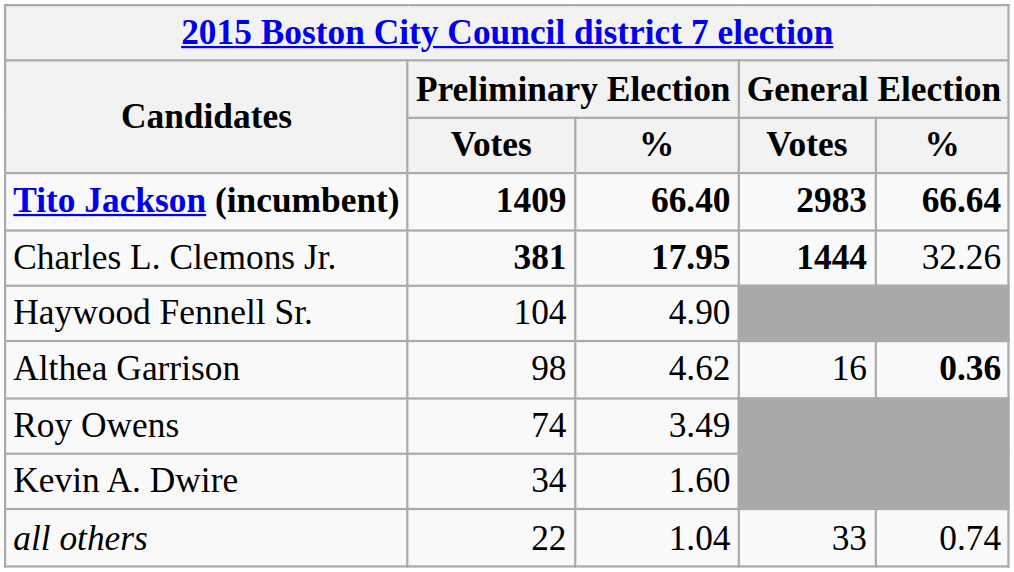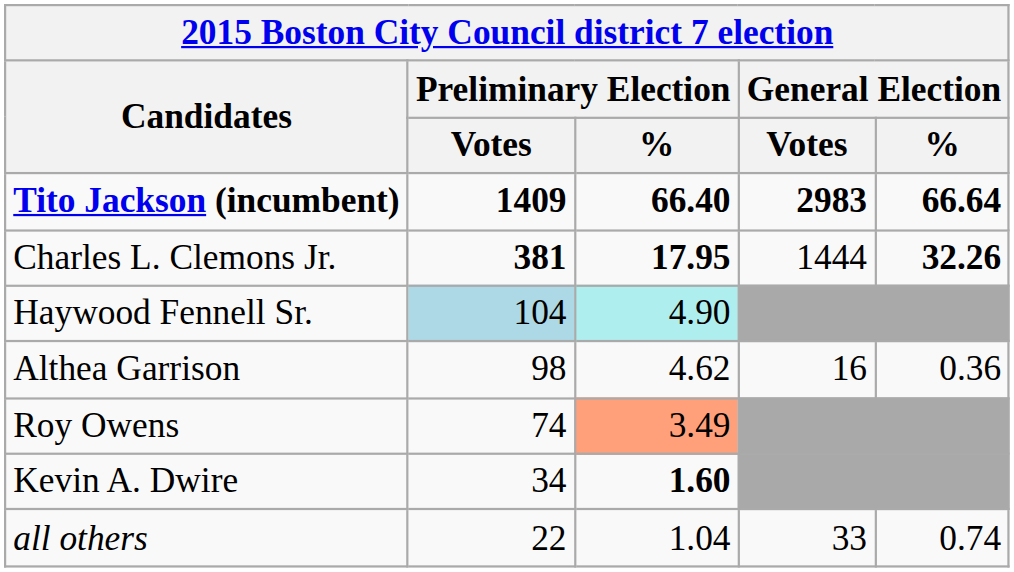 <table class=wikitable>
 <tr>
 <th colspan=5><a href='#'>2015 Boston City Council district 7 election</a></th>
 </tr>
 <tr>
 <th rowspan="2"><strong>Candidates</strong></th>
 <th colspan=2><strong>Preliminary Election</strong></th>
 <th colspan=2><strong>General Election</strong></th>
 </tr>
 <tr>
 <th>Votes</th>
 <th>%</th>
 <th>Votes</th>
 <th>%</th>
 </tr>
 <tr>
 <td><strong><a href='#'>Tito Jackson</a> (incumbent)</strong></td>
 <td style="text-align:right;"><strong>1409</strong></td>
 <td style="text-align:right;"><strong>66.40</strong></td>
 <td style="text-align:right;"><strong>2983</strong></td>
 <td style="text-align:right;"><strong>66.64</strong></td>
 </tr>
 <tr>
 <td>Charles L. Clemons Jr.</td>
 <td style="text-align:right;"><strong>381</strong></td>
 <td style="text-align:right;"><strong>17.95</strong></td>
-<td style="text-align:right;"><strong>1444</strong></td>
-<td style="text-align:right;">32.26</td>
+<td style="text-align:right;">1444</td>
+<td style="text-align:right;"><strong>32.26</strong></td>
 </tr>
 <tr>
 <td>Haywood Fennell Sr.</td>
-<td style="text-align:right;">104</td>
-<td style="text-align:right;">4.90</td>
+<td style="background: lightblue; text-align:right;">104</td>
+<td style="background: paleturquoise; text-align:right;">4.90</td>
 <td colspan="2" style="background:darkgrey;"> </td>
 </tr>
 <tr>
 <td>Althea Garrison</td>
 <td style="text-align:right;">98</td>
 <td style="text-align:right;">4.62</td>
 <td style="text-align:right;">16</td>
-<td style="text-align:right;"><strong>0.36</strong></td>
+<td style="text-align:right;">0.36</td>
 </tr>
 <tr>
 <td>Roy Owens</td>
 <td style="text-align:right;">74</td>
-<td style="text-align:right;">3.49</td>
+<td style="background: lightsalmon; text-align:right;">3.49</td>
 <td colspan="2" style="background:darkgrey;"> </td>
 </tr>
 <tr>
 <td>Kevin A. Dwire</td>
 <td style="text-align:right;">34</td>
-<td style="text-align:right;">1.60</td>
+<td style="text-align:right;"><strong>1.60</strong></td>
 <td colspan="2" style="background:darkgrey;"> </td>
 </tr>
 <tr>
 <td><em>all others</em></td>
 <td style="text-align:right;">22</td>
 <td style="text-align:right;">1.04</td>
 <td style="text-align:right;">33</td>
 <td style="text-align:right;">0.74</td>
 </tr>
 </table>
